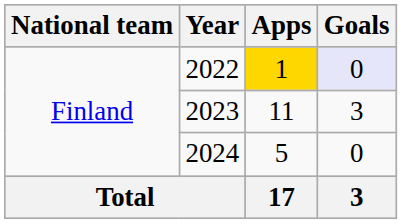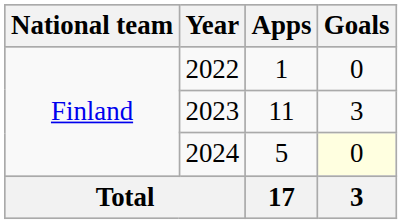 <table class="wikitable" style="text-align:center">
 <tr>
 <th>National team</th>
 <th>Year</th>
 <th>Apps</th>
 <th>Goals</th>
 </tr>
 <tr>
 <td rowspan="3"><a href='#'>Finland</a></td>
 <td>2022</td>
-<td style="background: gold;">1</td>
-<td style="background: lavender;">0</td>
+<td>1</td>
+<td>0</td>
 </tr>
 <tr>
 <td>2023</td>
 <td>11</td>
 <td>3</td>
 </tr>
 <tr>
 <td>2024</td>
 <td>5</td>
-<td>0</td>
+<td style="background: lightyellow;">0</td>
 </tr>
 <tr>
 <th colspan="2">Total</th>
 <th>17</th>
 <th>3</th>
 </tr>
 </table>
